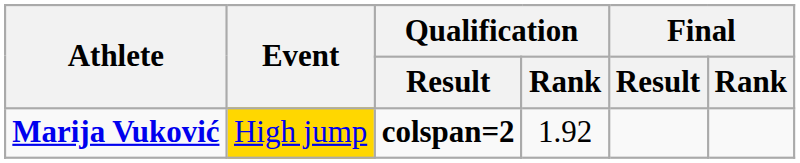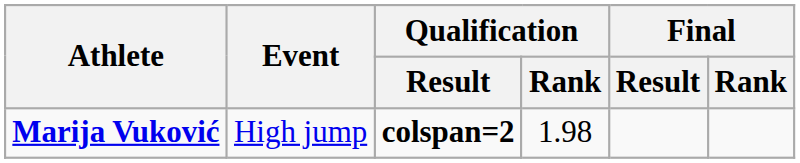 <table class="wikitable" style="text-align:center; font-size:90%">
 <tr>
 <th rowspan="2">Athlete</th>
 <th rowspan="2">Event</th>
 <th colspan="2">Qualification</th>
 <th colspan="2">Final</th>
 </tr>
 <tr>
 <th>Result</th>
 <th>Rank</th>
 <th>Result</th>
 <th>Rank</th>
 </tr>
 <tr>
 <td align="left"><strong><a href='#'>Marija Vuković</a></strong></td>
-<td align="left" style="background: gold;"><a href='#'>High jump</a></td>
+<td align="left"><a href='#'>High jump</a></td>
 <td><strong>colspan=2 </strong></td>
-<td>1.92</td>
+<td>1.98</td>
 <td><strong></strong></td>
 </tr>
 </table>
